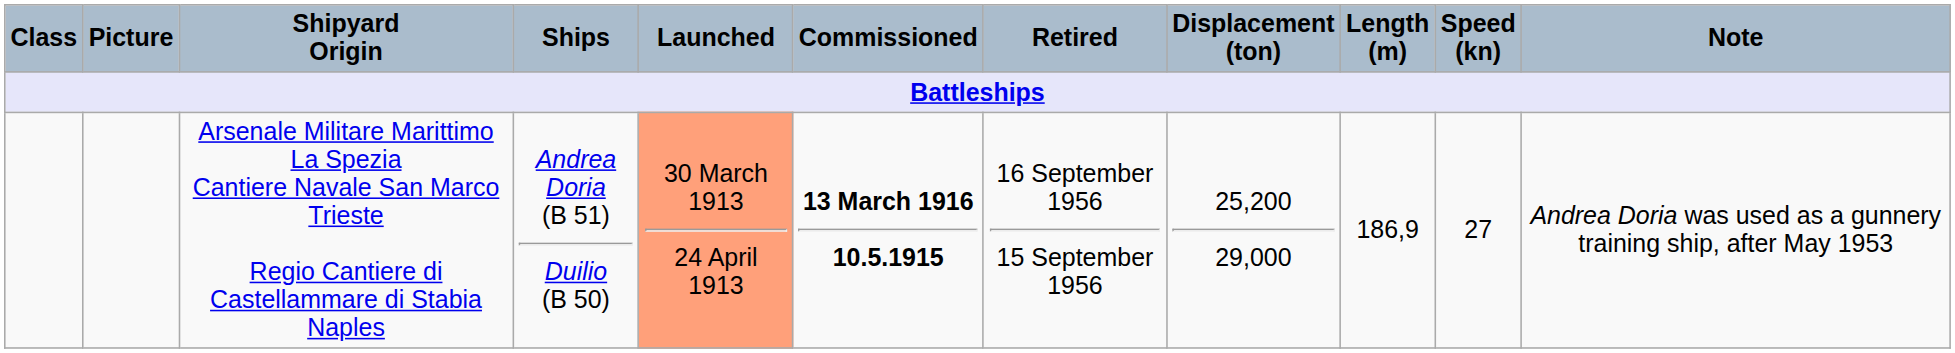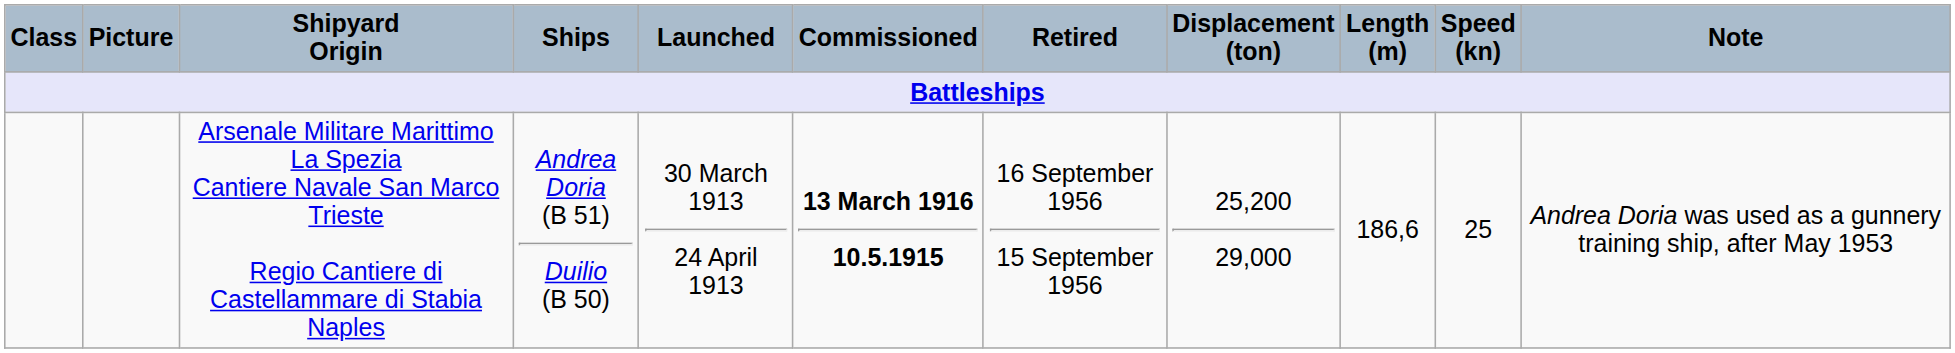 <table class="wikitable" style="text-align:center;">
 <tr>
 <th style="text-align: central; background: #aabccc;">Class</th>
 <th style="text-align: central; background: #aabccc;">Picture</th>
 <th style="text-align: central; background: #aabccc;">Shipyard<br>Origin</th>
 <th style="text-align: central; background: #aabccc;">Ships</th>
 <th style="text-align: central; background: #aabccc;">Launched</th>
 <th style="text-align: central; background: #aabccc;">Commissioned</th>
 <th style="text-align: central; background: #aabccc;">Retired</th>
 <th style="text-align: central; background: #aabccc;">Displacement<br>(ton)</th>
 <th style="text-align: central; background: #aabccc;">Length<br>(m)</th>
 <th style="text-align: central; background: #aabccc;">Speed<br>(kn)</th>
 <th style="text-align: central; background: #aabccc;">Note</th>
 </tr>
 <tr>
 <th style="align: center; background: lavender;" colspan="11"><strong><a href='#'>Battleships</a></strong></th>
 </tr>
 <tr>
 <td></td>
 <td></td>
 <td><a href='#'>Arsenale Militare Marittimo</a><br><a href='#'>La Spezia</a><br><a href='#'>Cantiere Navale San Marco</a><br><a href='#'>Trieste</a><br><br><a href='#'>Regio Cantiere di Castellammare di Stabia</a><br><a href='#'>Naples</a><br></td>
 <td><a href='#'><em>Andrea Doria</em></a><br>(B 51)<br><hr><a href='#'><em>Duilio</em></a><br>(B 50)<br></td>
-<td style="background: lightsalmon;">30 March 1913<hr>24 April 1913</td>
+<td>30 March 1913<hr>24 April 1913</td>
 <td><strong>13 March 1916<hr>10.5.1915</strong></td>
 <td>16 September 1956<hr>15 September 1956</td>
 <td>25,200<hr>29,000</td>
-<td>186,9</td>
-<td>27</td>
+<td>186,6</td>
+<td>25</td>
 <td><em>Andrea Doria</em> was used as a gunnery training ship, after May 1953</td>
 </tr>
 </table>
